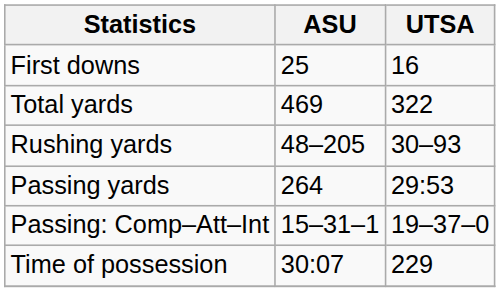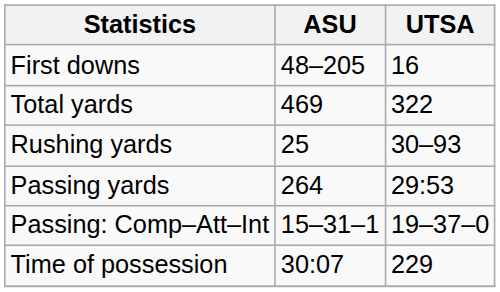 <table class="wikitable" style="float: left;">
 <tr>
 <th>Statistics</th>
 <th>ASU</th>
 <th>UTSA</th>
 </tr>
 <tr>
 <td>First downs</td>
-<td>25</td>
+<td>48–205</td>
 <td>16</td>
 </tr>
 <tr>
 <td>Total yards</td>
 <td>469</td>
 <td>322</td>
 </tr>
 <tr>
 <td>Rushing yards</td>
-<td>48–205</td>
+<td>25</td>
 <td>30–93</td>
 </tr>
 <tr>
 <td>Passing yards</td>
 <td>264</td>
 <td>29:53</td>
 </tr>
 <tr>
 <td>Passing: Comp–Att–Int</td>
 <td>15–31–1</td>
 <td>19–37–0</td>
 </tr>
 <tr>
 <td>Time of possession</td>
 <td>30:07</td>
 <td>229</td>
 </tr>
 <tr>
 </tr>
 </table>
